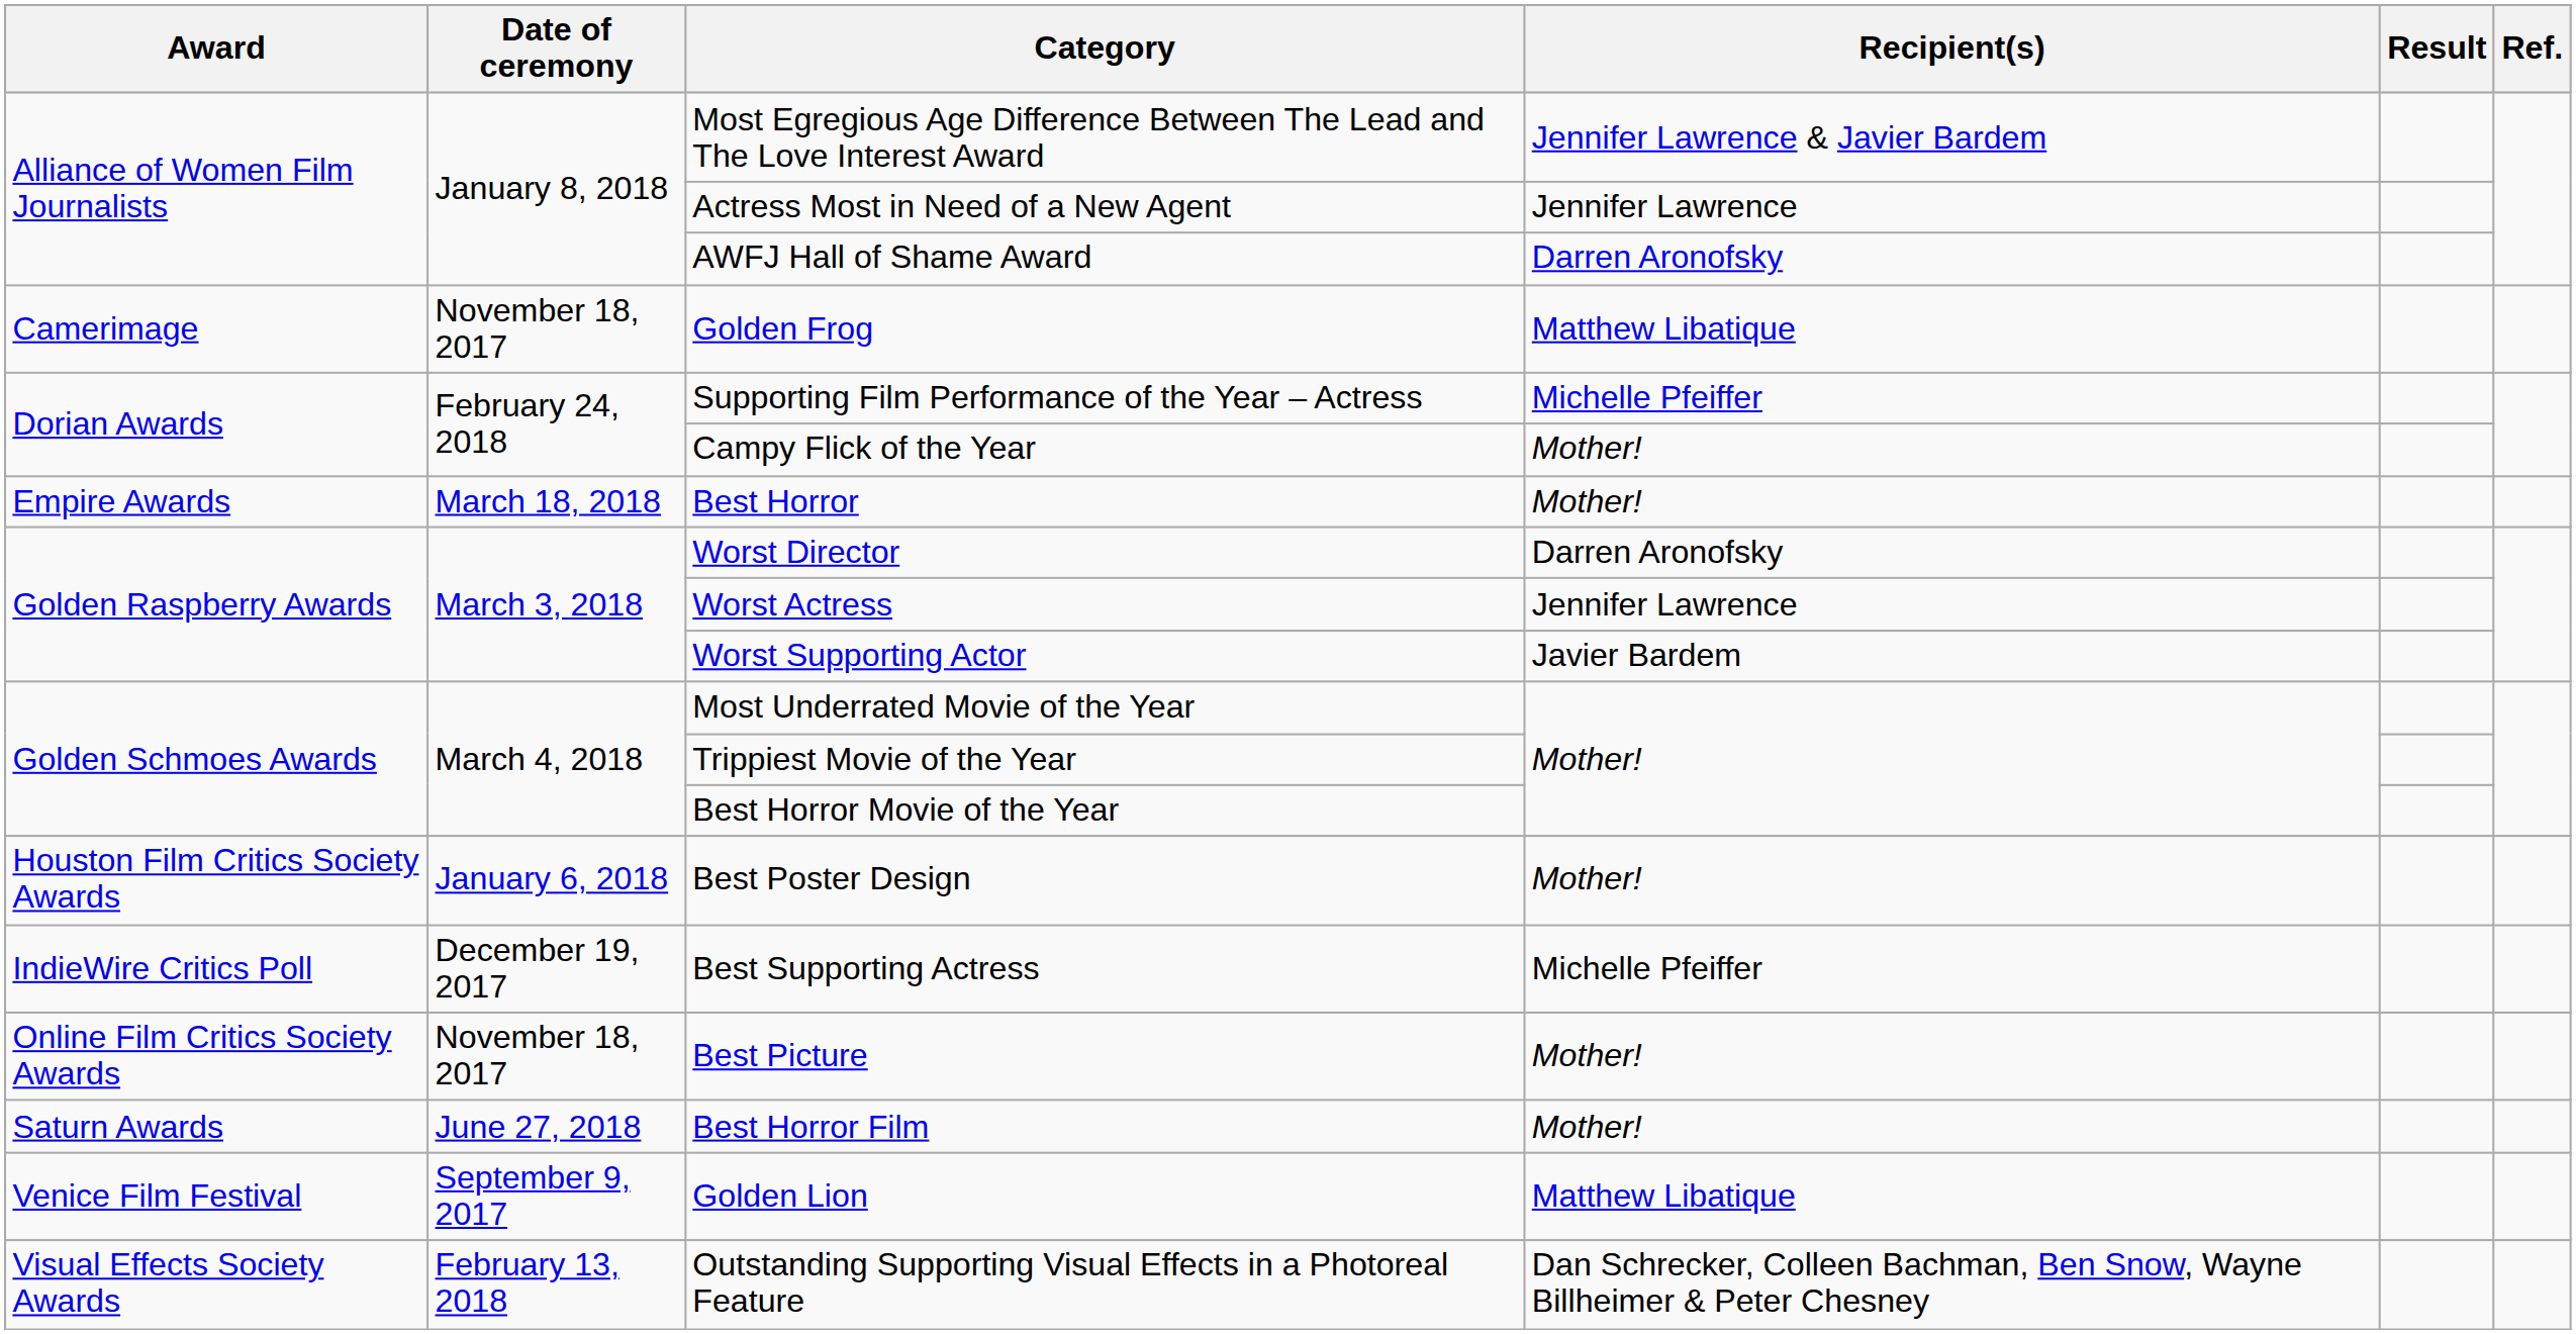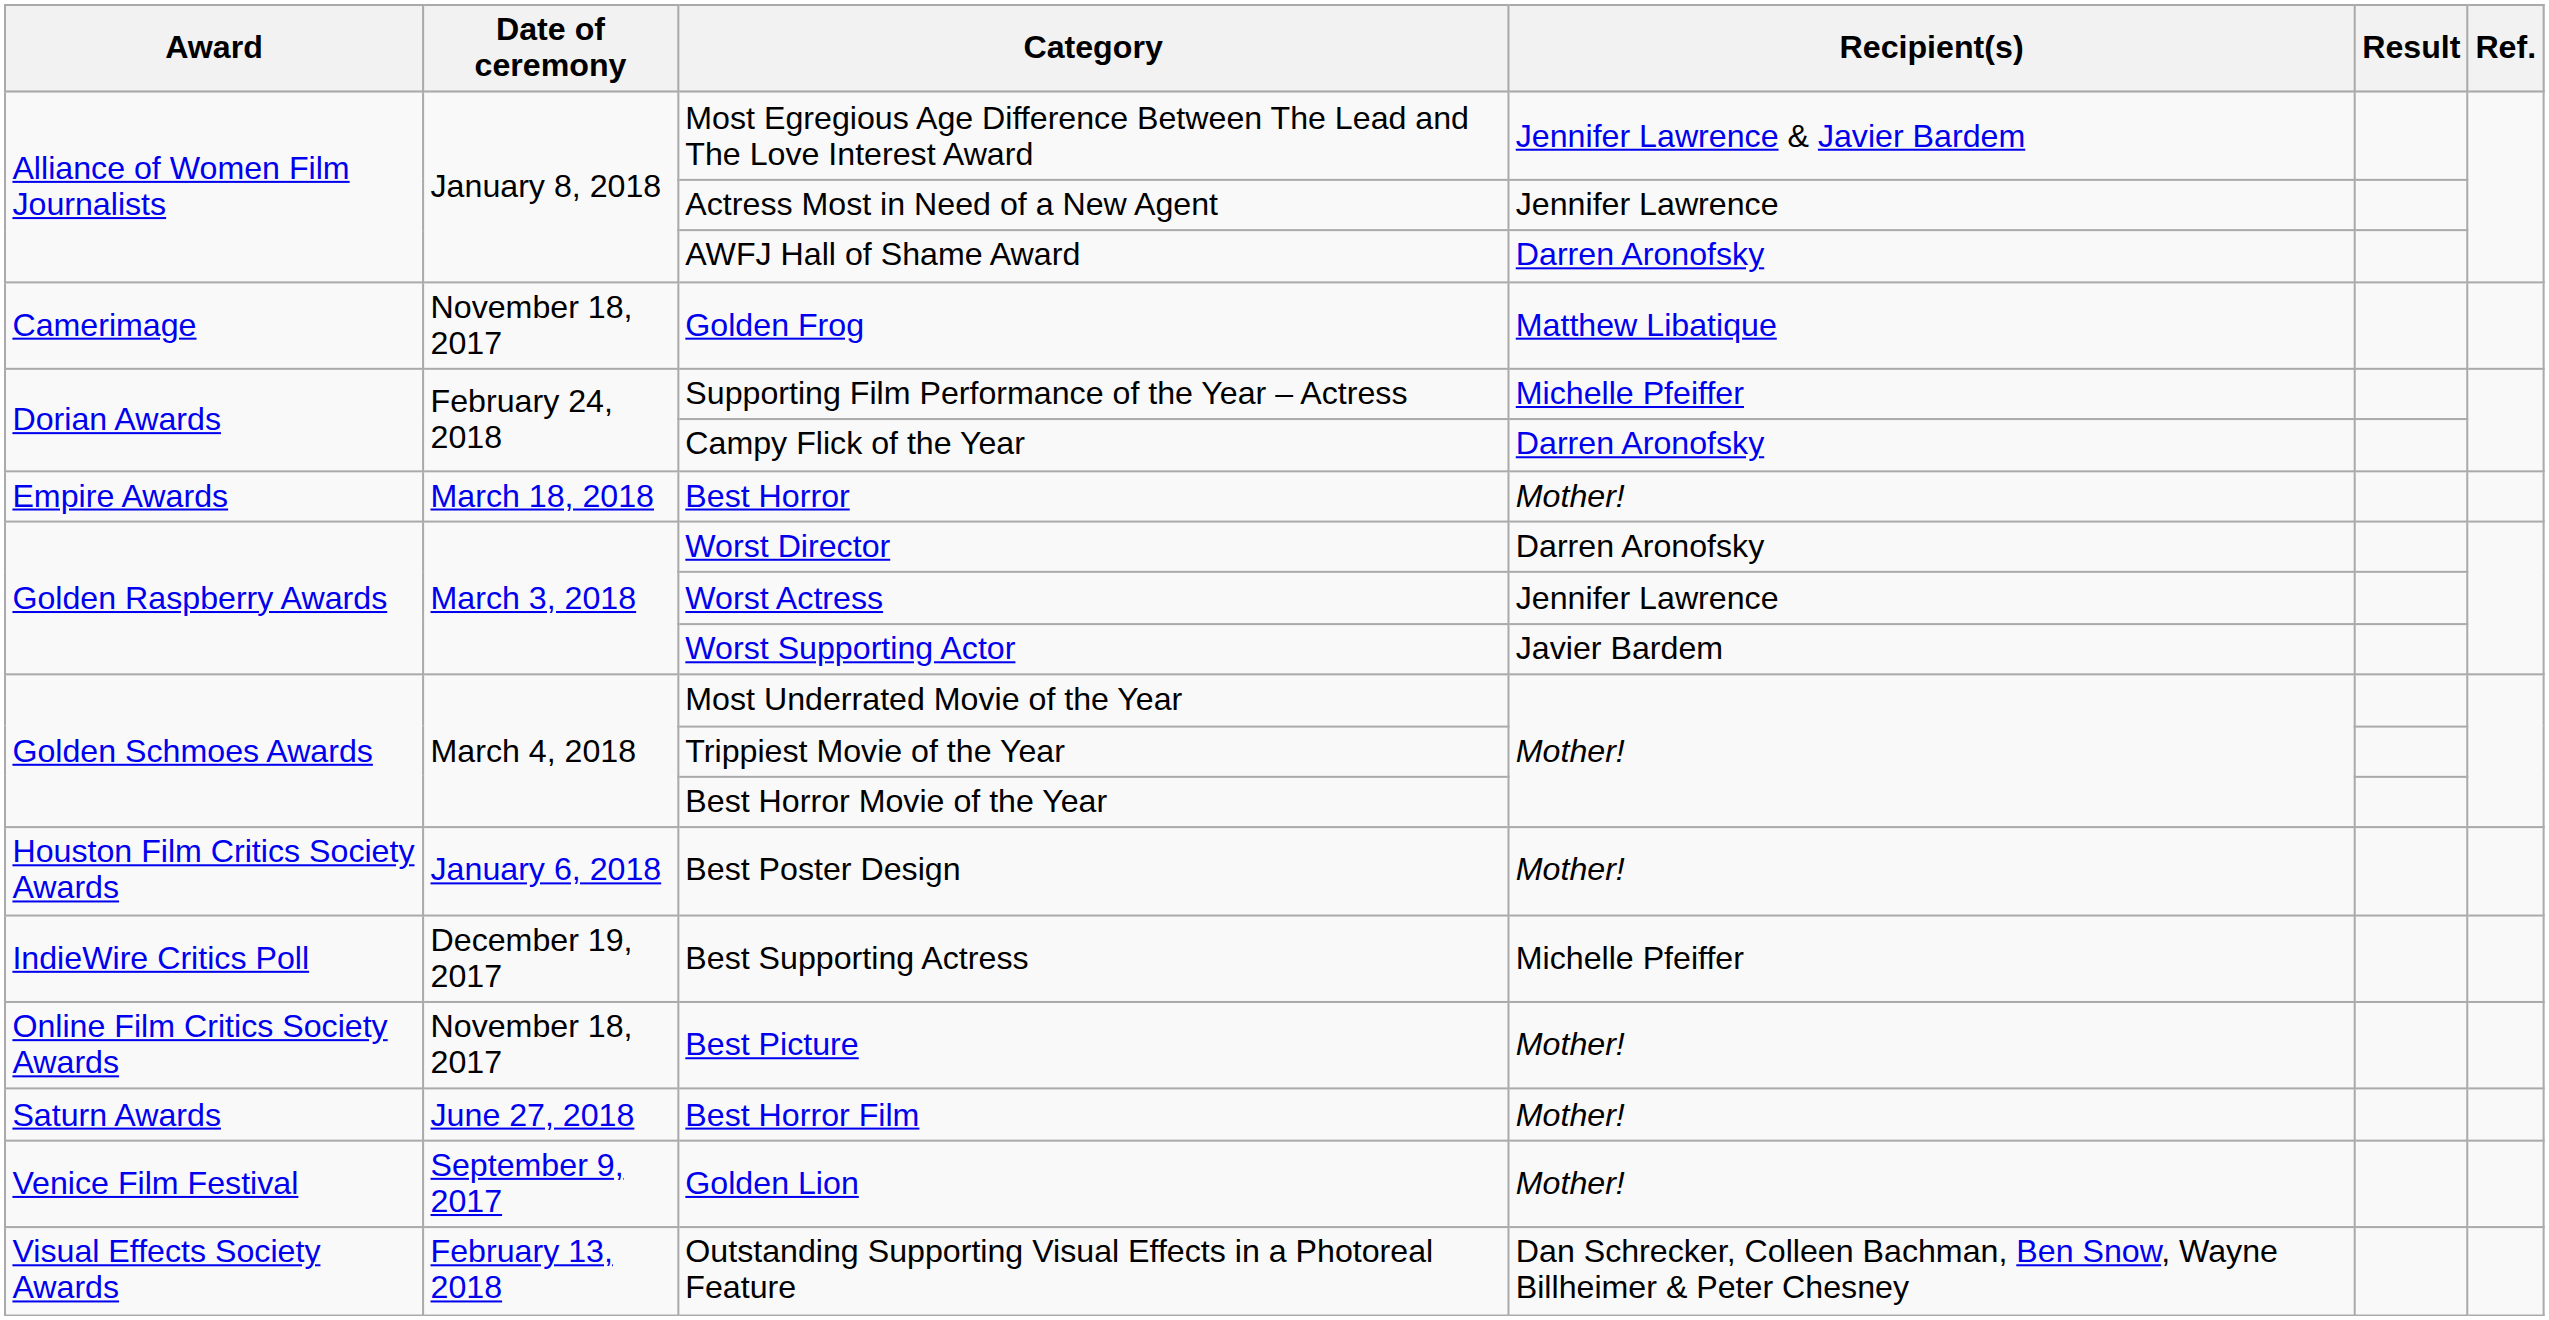 <table class="wikitable sortable" style="width:100%;">
 <tr style="background:#ccc; teindxt-align:center;">
 <th scope="col">Award</th>
 <th scope="col">Date of ceremony</th>
 <th scope="col">Category</th>
 <th scope="col">Recipient(s)</th>
 <th scope="col">Result</th>
 <th scope="col">Ref.</th>
 </tr>
 <tr>
 <td rowspan="3"><a href='#'>Alliance of Women Film Journalists</a></td>
 <td rowspan="3">January 8, 2018</td>
 <td>Most Egregious Age Difference Between The Lead and The Love Interest Award</td>
 <td><a href='#'>Jennifer Lawrence</a> & <a href='#'>Javier Bardem</a></td>
 <td></td>
 <td rowspan="3" style="text-align: center;"></td>
 </tr>
 <tr>
 <td>Actress Most in Need of a New Agent</td>
 <td>Jennifer Lawrence</td>
 <td></td>
 </tr>
 <tr>
 <td>AWFJ Hall of Shame Award</td>
 <td><a href='#'>Darren Aronofsky</a></td>
 <td></td>
 </tr>
 <tr>
 <td><a href='#'>Camerimage</a></td>
 <td>November 18, 2017</td>
 <td><a href='#'>Golden Frog</a></td>
 <td><a href='#'>Matthew Libatique</a></td>
 <td></td>
 <td style="text-align: center;"></td>
 </tr>
 <tr>
 <td rowspan="2"><a href='#'>Dorian Awards</a></td>
 <td rowspan="2">February 24, 2018</td>
 <td>Supporting Film Performance of the Year – Actress</td>
 <td><a href='#'>Michelle Pfeiffer</a></td>
 <td></td>
 <td rowspan="2" style="text-align: center;"></td>
 </tr>
 <tr>
 <td>Campy Flick of the Year</td>
-<td><em>Mother!</em></td>
+<td><a href='#'>Darren Aronofsky</a></td>
 <td></td>
 </tr>
 <tr>
 <td><a href='#'>Empire Awards</a></td>
 <td><a href='#'>March 18, 2018</a></td>
 <td><a href='#'>Best Horror</a></td>
 <td><em>Mother!</em></td>
 <td></td>
 <td style="text-align: center;"></td>
 </tr>
 <tr>
 <td rowspan="3"><a href='#'>Golden Raspberry Awards</a></td>
 <td rowspan="3"><a href='#'>March 3, 2018</a></td>
 <td><a href='#'>Worst Director</a></td>
 <td>Darren Aronofsky</td>
 <td></td>
 <td rowspan="3" style="text-align: center;"></td>
 </tr>
 <tr>
 <td><a href='#'>Worst Actress</a></td>
 <td>Jennifer Lawrence</td>
 <td></td>
 </tr>
 <tr>
 <td><a href='#'>Worst Supporting Actor</a></td>
 <td>Javier Bardem </td>
 <td></td>
 </tr>
 <tr>
 <td rowspan="3"><a href='#'>Golden Schmoes Awards</a></td>
 <td rowspan="3">March 4, 2018</td>
 <td>Most Underrated Movie of the Year</td>
 <td rowspan="3"><em>Mother!</em></td>
 <td></td>
 <td rowspan="3" style="text-align: center;"></td>
 </tr>
 <tr>
 <td>Trippiest Movie of the Year</td>
 <td></td>
 </tr>
 <tr>
 <td>Best Horror Movie of the Year</td>
 <td></td>
 </tr>
 <tr>
 <td><a href='#'>Houston Film Critics Society Awards</a></td>
 <td><a href='#'>January 6, 2018</a></td>
 <td>Best Poster Design</td>
 <td><em>Mother!</em></td>
 <td></td>
 <td style="text-align: center;"></td>
 </tr>
 <tr>
 <td><a href='#'>IndieWire Critics Poll</a></td>
 <td>December 19, 2017</td>
 <td>Best Supporting Actress</td>
 <td>Michelle Pfeiffer</td>
 <td></td>
 <td style="text-align: center;"></td>
 </tr>
 <tr>
 <td><a href='#'>Online Film Critics Society Awards</a></td>
 <td>November 18, 2017</td>
 <td><a href='#'>Best Picture</a></td>
 <td><em>Mother!</em></td>
 <td></td>
 <td style="text-align:center;"></td>
 </tr>
 <tr>
 <td><a href='#'>Saturn Awards</a></td>
 <td><a href='#'>June 27, 2018</a></td>
 <td><a href='#'>Best Horror Film</a></td>
 <td><em>Mother!</em></td>
 <td></td>
 <td style="text-align: center;"></td>
 </tr>
 <tr>
 <td><a href='#'>Venice Film Festival</a></td>
 <td><a href='#'>September 9, 2017</a></td>
 <td><a href='#'>Golden Lion</a></td>
-<td><a href='#'>Matthew Libatique</a></td>
+<td><em>Mother!</em></td>
 <td></td>
 <td style="text-align:center;"></td>
 </tr>
 <tr>
 <td><a href='#'>Visual Effects Society Awards</a></td>
 <td><a href='#'>February 13, 2018</a></td>
 <td>Outstanding Supporting Visual Effects in a Photoreal Feature</td>
 <td>Dan Schrecker, Colleen Bachman, <a href='#'>Ben Snow</a>, Wayne Billheimer & Peter Chesney</td>
 <td></td>
 <td style="text-align:center;"></td>
 </tr>
 </table>
